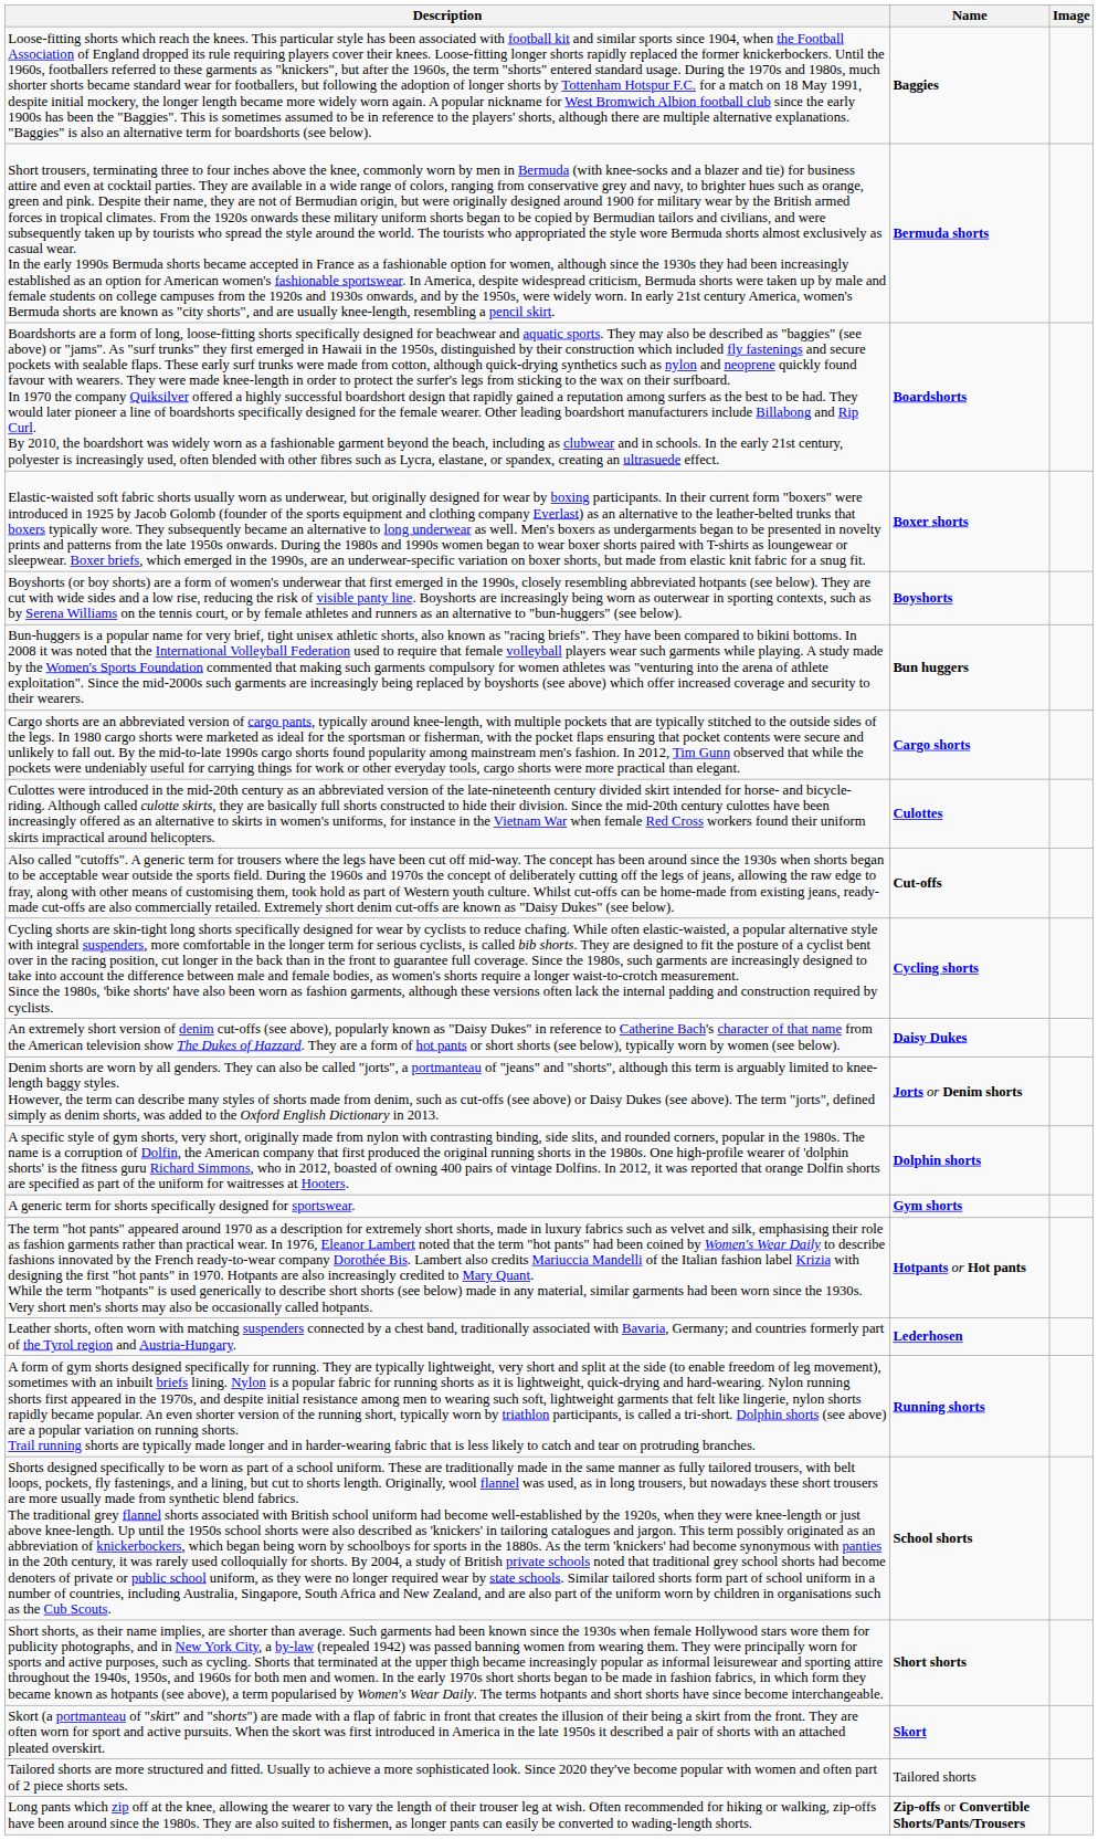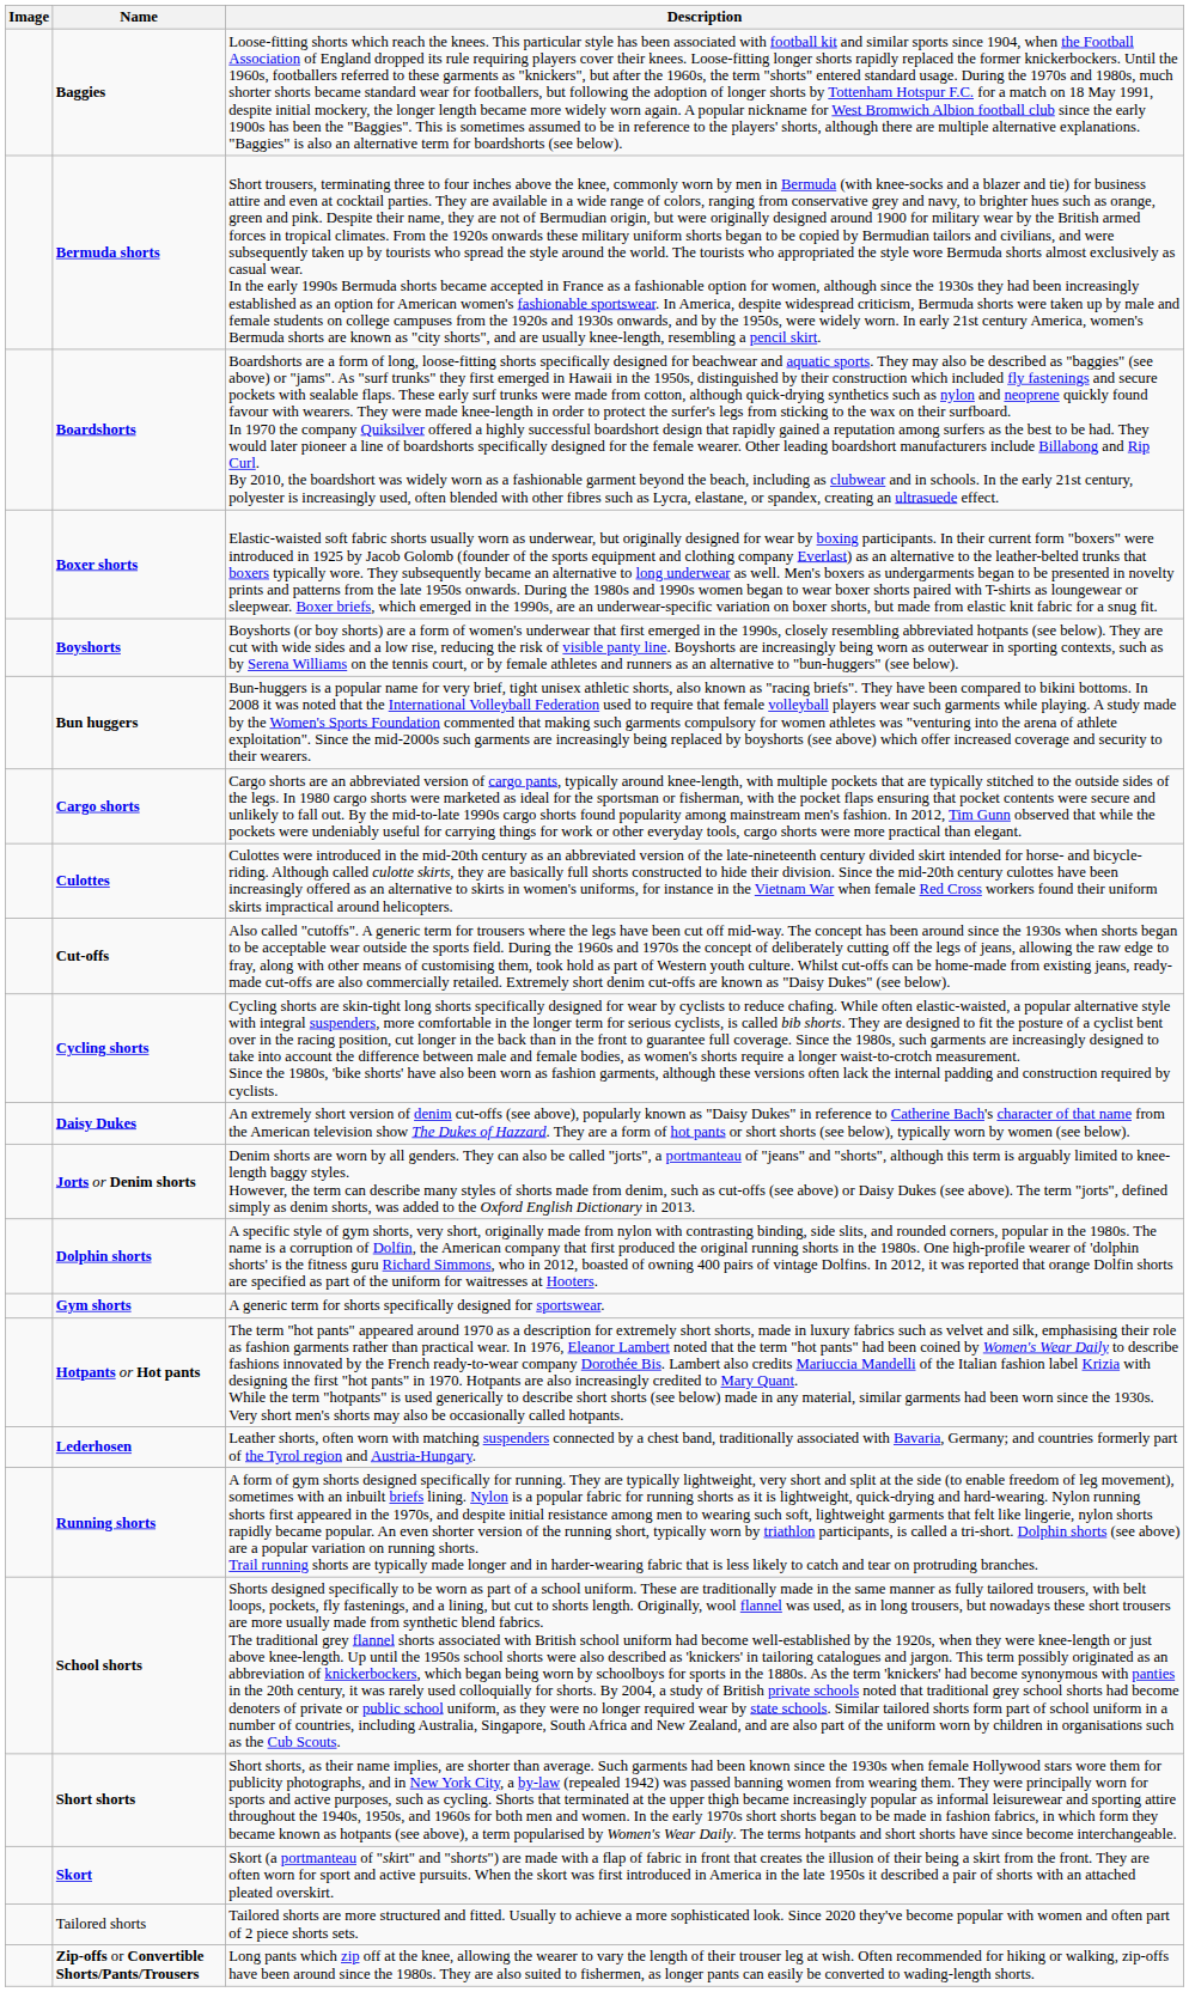 <table class="wikitable">
 <tr>
+<th>Image</th>
+<th>Name</th>
 <th>Description</th>
-<th>Name</th>
-<th>Image</th>
 </tr>
 <tr>
+<td></td>
+<td><strong>Baggies</strong></td>
 <td>Loose-fitting shorts which reach the knees. This particular style has been associated with <a href='#'>football kit</a> and similar sports since 1904, when <a href='#'>the Football Association</a> of England dropped its rule requiring players cover their knees. Loose-fitting longer shorts rapidly replaced the former knickerbockers. Until the 1960s, footballers referred to these garments as "knickers", but after the 1960s, the term "shorts" entered standard usage. During the 1970s and 1980s, much shorter shorts became standard wear for footballers, but following the adoption of longer shorts by <a href='#'>Tottenham Hotspur F.C.</a> for a match on 18 May 1991, despite initial mockery, the longer length became more widely worn again. A popular nickname for <a href='#'>West Bromwich Albion football club</a> since the early 1900s has been the "Baggies". This is sometimes assumed to be in reference to the players' shorts, although there are multiple alternative explanations.<br>"Baggies" is also an alternative term for boardshorts (see below).</td>
-<td><strong>Baggies</strong></td>
-<td></td>
 </tr>
 <tr>
+<td></td>
+<td><strong><a href='#'>Bermuda shorts</a></strong></td>
 <td><br> Short trousers, terminating three to four inches above the knee, commonly worn by men in <a href='#'>Bermuda</a> (with knee-socks and a blazer and tie) for business attire and even at cocktail parties. They are available in a wide range of colors, ranging from conservative grey and navy, to brighter hues such as orange, green and pink. Despite their name, they are not of Bermudian origin, but were originally designed around 1900 for military wear by the British armed forces in tropical climates. From the 1920s onwards these military uniform shorts began to be copied by Bermudian tailors and civilians, and were subsequently taken up by tourists who spread the style around the world. The tourists who appropriated the style wore Bermuda shorts almost exclusively as casual wear.<br>In the early 1990s Bermuda shorts became accepted in France as a fashionable option for women, although since the 1930s they had been increasingly established as an option for American women's <a href='#'>fashionable sportswear</a>. In America, despite widespread criticism, Bermuda shorts were taken up by male and female students on college campuses from the 1920s and 1930s onwards, and by the 1950s, were widely worn. In early 21st century America, women's Bermuda shorts are known as "city shorts", and are usually knee-length, resembling a <a href='#'>pencil skirt</a>.</td>
-<td><strong><a href='#'>Bermuda shorts</a></strong></td>
-<td></td>
 </tr>
 <tr>
+<td></td>
+<td><strong><a href='#'>Boardshorts</a></strong></td>
 <td>Boardshorts are a form of long, loose-fitting shorts specifically designed for beachwear and <a href='#'>aquatic sports</a>. They may also be described as "baggies" (see above) or "jams". As "surf trunks" they first emerged in Hawaii in the 1950s, distinguished by their construction which included <a href='#'>fly fastenings</a> and secure pockets with sealable flaps. These early surf trunks were made from cotton, although quick-drying synthetics such as <a href='#'>nylon</a> and <a href='#'>neoprene</a> quickly found favour with wearers. They were made knee-length in order to protect the surfer's legs from sticking to the wax on their surfboard.<br>In 1970 the company <a href='#'>Quiksilver</a> offered a highly successful boardshort design that rapidly gained a reputation among surfers as the best to be had. They would later pioneer a line of boardshorts specifically designed for the female wearer. Other leading boardshort manufacturers include <a href='#'>Billabong</a> and <a href='#'>Rip Curl</a>.<br>By 2010, the boardshort was widely worn as a fashionable garment beyond the beach, including as <a href='#'>clubwear</a> and in schools. In the early 21st century, polyester is increasingly used, often blended with other fibres such as Lycra, elastane, or spandex, creating an <a href='#'>ultrasuede</a> effect.</td>
-<td><strong><a href='#'>Boardshorts</a></strong></td>
-<td></td>
 </tr>
 <tr>
+<td></td>
+<td><strong><a href='#'>Boxer shorts</a> </strong></td>
 <td><br>Elastic-waisted soft fabric shorts usually worn as underwear, but originally designed for wear by <a href='#'>boxing</a> participants. In their current form "boxers" were introduced in 1925 by Jacob Golomb (founder of the sports equipment and clothing company <a href='#'>Everlast</a>) as an alternative to the leather-belted trunks that <a href='#'>boxers</a> typically wore. They subsequently became an alternative to <a href='#'>long underwear</a> as well. Men's boxers as undergarments began to be presented in novelty prints and patterns from the late 1950s onwards. During the 1980s and 1990s women began to wear boxer shorts paired with T-shirts as loungewear or sleepwear. <a href='#'>Boxer briefs</a>, which emerged in the 1990s, are an underwear-specific variation on boxer shorts, but made from elastic knit fabric for a snug fit.</td>
-<td><strong><a href='#'>Boxer shorts</a> </strong></td>
-<td></td>
 </tr>
 <tr>
+<td></td>
+<td><strong><a href='#'>Boyshorts</a> </strong></td>
 <td>Boyshorts (or boy shorts) are a form of women's underwear that first emerged in the 1990s, closely resembling abbreviated hotpants (see below). They are cut with wide sides and a low rise, reducing the risk of <a href='#'>visible panty line</a>. Boyshorts are increasingly being worn as outerwear in sporting contexts, such as by <a href='#'>Serena Williams</a> on the tennis court, or by female athletes and runners as an alternative to "bun-huggers" (see below).</td>
-<td><strong><a href='#'>Boyshorts</a> </strong></td>
-<td></td>
 </tr>
 <tr>
+<td></td>
+<td><strong>Bun huggers </strong></td>
 <td>Bun-huggers is a popular name for very brief, tight unisex athletic shorts, also known as "racing briefs". They have been compared to bikini bottoms. In 2008 it was noted that the <a href='#'>International Volleyball Federation</a> used to require that female <a href='#'>volleyball</a> players wear such garments while playing.  A study made by the <a href='#'>Women's Sports Foundation</a> commented that making such garments compulsory for women athletes was "venturing into the arena of athlete exploitation". Since the mid-2000s such garments are increasingly being replaced by boyshorts (see above) which offer increased coverage and security to their wearers.</td>
-<td><strong>Bun huggers </strong></td>
-<td></td>
 </tr>
 <tr>
+<td></td>
+<td><strong><a href='#'>Cargo shorts</a> </strong></td>
 <td>Cargo shorts are an abbreviated version of <a href='#'>cargo pants</a>, typically around knee-length, with multiple pockets that are typically stitched to the outside sides of the legs. In 1980 cargo shorts were marketed as ideal for the sportsman or fisherman, with the pocket flaps ensuring that pocket contents were secure and unlikely to fall out. By the mid-to-late 1990s cargo shorts found popularity among mainstream men's fashion. In 2012, <a href='#'>Tim Gunn</a> observed that while the pockets were undeniably useful for carrying things for work or other everyday tools, cargo shorts were more practical than elegant.</td>
-<td><strong><a href='#'>Cargo shorts</a> </strong></td>
-<td></td>
 </tr>
 <tr>
+<td></td>
+<td><strong><a href='#'>Culottes</a> </strong></td>
 <td>Culottes were introduced in the mid-20th century as an abbreviated version of the late-nineteenth century divided skirt intended for horse- and bicycle-riding. Although called <em>culotte skirts</em>, they are basically full shorts constructed to hide their division. Since the mid-20th century culottes have been increasingly offered as an alternative to skirts in women's uniforms, for instance in the <a href='#'>Vietnam War</a> when female <a href='#'>Red Cross</a> workers found their uniform skirts impractical around helicopters.</td>
-<td><strong><a href='#'>Culottes</a> </strong></td>
-<td></td>
 </tr>
 <tr>
+<td></td>
+<td><strong>Cut-offs</strong></td>
 <td>Also called "cutoffs". A generic term for trousers where the legs have been cut off mid-way. The concept has been around since the 1930s when shorts began to be acceptable wear outside the sports field. During the 1960s and 1970s the concept of deliberately cutting off the legs of jeans, allowing the raw edge to fray, along with other means of customising them, took hold as part of Western youth culture. Whilst cut-offs can be home-made from existing jeans, ready-made cut-offs are also commercially retailed. Extremely short denim cut-offs are known as "Daisy Dukes" (see below).</td>
-<td><strong>Cut-offs</strong></td>
-<td></td>
 </tr>
 <tr>
+<td></td>
+<td><strong><a href='#'>Cycling shorts</a> </strong></td>
 <td> Cycling shorts are skin-tight long shorts specifically designed for wear by cyclists to reduce chafing. While often elastic-waisted, a popular alternative style with integral <a href='#'>suspenders</a>, more comfortable in the longer term for serious cyclists, is called <em>bib shorts</em>. They are designed to fit the posture of a cyclist bent over in the racing position, cut longer in the back than in the front to guarantee full coverage. Since the 1980s, such garments are increasingly designed to take into account the difference between male and female bodies, as women's shorts require a longer waist-to-crotch measurement.<br>Since the 1980s, 'bike shorts' have also been worn as fashion garments, although these versions often lack the internal padding and construction required by cyclists.</td>
-<td><strong><a href='#'>Cycling shorts</a> </strong></td>
-<td></td>
 </tr>
 <tr>
+<td></td>
+<td><strong><a href='#'>Daisy Dukes</a></strong></td>
 <td>An extremely short version of <a href='#'>denim</a> cut-offs (see above), popularly known as "Daisy Dukes" in reference to <a href='#'>Catherine Bach</a>'s <a href='#'>character of that name</a> from the American television show <em><a href='#'>The Dukes of Hazzard</a></em>. They are a form of <a href='#'>hot pants</a> or short shorts (see below), typically worn by women (see below).</td>
-<td><strong><a href='#'>Daisy Dukes</a></strong></td>
-<td></td>
 </tr>
 <tr>
+<td></td>
+<td><strong><a href='#'>Jorts</a></strong> <em>or</em> <strong>Denim shorts </strong></td>
 <td>Denim shorts are worn by all genders. They can also be called "jorts", a <a href='#'>portmanteau</a> of "jeans" and "shorts", although this term is arguably limited to knee-length baggy styles.<br>However, the term can describe many styles of shorts made from denim, such as cut-offs (see above) or Daisy Dukes (see above). The term "jorts", defined simply as denim shorts, was added to the <em>Oxford English Dictionary</em> in 2013.</td>
-<td><strong><a href='#'>Jorts</a></strong> <em>or</em> <strong>Denim shorts </strong></td>
-<td></td>
 </tr>
 <tr>
+<td></td>
+<td><strong><a href='#'>Dolphin shorts</a></strong></td>
 <td>A specific style of gym shorts, very short, originally made from nylon with contrasting binding, side slits, and rounded corners, popular in the 1980s. The name is a corruption of <a href='#'>Dolfin</a>, the American company that first produced the original running shorts in the 1980s. One high-profile wearer of 'dolphin shorts' is the fitness guru <a href='#'>Richard Simmons</a>, who in 2012, boasted of owning 400 pairs of vintage Dolfins. In 2012, it was reported that orange Dolfin shorts are specified as part of the uniform for waitresses at <a href='#'>Hooters</a>.</td>
-<td><strong><a href='#'>Dolphin shorts</a></strong></td>
-<td></td>
 </tr>
 <tr>
+<td></td>
+<td><strong><a href='#'>Gym shorts</a></strong></td>
 <td>A generic term for shorts specifically designed for <a href='#'>sportswear</a>.</td>
-<td><strong><a href='#'>Gym shorts</a></strong></td>
-<td></td>
 </tr>
 <tr>
+<td></td>
+<td><strong><a href='#'>Hotpants</a></strong> <em>or</em> <strong>Hot pants</strong></td>
 <td>The term "hot pants" appeared around 1970 as a description for extremely short shorts, made in luxury fabrics such as velvet and silk, emphasising their role as fashion garments rather than practical wear. In 1976, <a href='#'>Eleanor Lambert</a> noted that the term "hot pants" had been coined by <em><a href='#'>Women's Wear Daily</a></em> to describe fashions innovated by the French ready-to-wear company <a href='#'>Dorothée Bis</a>. Lambert also credits <a href='#'>Mariuccia Mandelli</a> of the Italian fashion label <a href='#'>Krizia</a> with designing the first "hot pants" in 1970. Hotpants are also increasingly credited to <a href='#'>Mary Quant</a>.<br>While the term "hotpants" is used generically to describe short shorts (see below) made in any material, similar garments had been worn since the 1930s. Very short men's shorts may also be occasionally called hotpants.</td>
-<td><strong><a href='#'>Hotpants</a></strong> <em>or</em> <strong>Hot pants</strong></td>
-<td></td>
 </tr>
 <tr>
+<td></td>
+<td><strong><a href='#'>Lederhosen</a></strong></td>
 <td>Leather shorts, often worn with matching <a href='#'>suspenders</a> connected by a chest band, traditionally associated with <a href='#'>Bavaria</a>, Germany; and countries formerly part of <a href='#'>the Tyrol region</a> and <a href='#'>Austria-Hungary</a>.</td>
-<td><strong><a href='#'>Lederhosen</a></strong></td>
-<td></td>
 </tr>
 <tr>
+<td></td>
+<td><strong><a href='#'>Running shorts</a></strong></td>
 <td> A form of gym shorts designed specifically for running. They are typically lightweight, very short and split at the side (to enable freedom of leg movement), sometimes with an inbuilt <a href='#'>briefs</a> lining. <a href='#'>Nylon</a> is a popular fabric for running shorts as it is lightweight, quick-drying and hard-wearing. Nylon running shorts first appeared in the 1970s, and despite initial resistance among men to wearing such soft, lightweight garments that felt like lingerie, nylon shorts rapidly became popular. An even shorter version of the running short, typically worn by <a href='#'>triathlon</a> participants, is called a tri-short. <a href='#'>Dolphin shorts</a> (see above) are a popular variation on running shorts.<br><a href='#'>Trail running</a> shorts are typically made longer and in harder-wearing fabric that is less likely to catch and tear on protruding branches.</td>
-<td><strong><a href='#'>Running shorts</a></strong></td>
-<td></td>
 </tr>
 <tr>
+<td></td>
+<td><strong>School shorts</strong></td>
 <td>Shorts designed specifically to be worn as part of a school uniform. These are traditionally made in the same manner as fully tailored trousers, with belt loops, pockets, fly fastenings, and a lining, but cut to shorts length. Originally, wool <a href='#'>flannel</a> was used, as in long trousers, but nowadays these short trousers are more usually made from synthetic blend fabrics.<br>The traditional grey <a href='#'>flannel</a> shorts associated with British school uniform had become well-established by the 1920s, when they were knee-length or just above knee-length. Up until the 1950s school shorts were also described as 'knickers' in tailoring catalogues and jargon. This term possibly originated as an abbreviation of <a href='#'>knickerbockers</a>, which began being worn by schoolboys for sports in the 1880s. As the term 'knickers' had become synonymous with <a href='#'>panties</a> in the 20th century, it was rarely used colloquially for shorts. By 2004, a study of British <a href='#'>private schools</a> noted that traditional grey school shorts had become denoters of private or <a href='#'>public school</a> uniform, as they were no longer required wear by <a href='#'>state schools</a>. Similar tailored shorts form part of school uniform in a number of countries, including Australia, Singapore, South Africa and New Zealand, and are also part of the uniform worn by children in organisations such as the <a href='#'>Cub Scouts</a>.</td>
-<td><strong>School shorts</strong></td>
-<td></td>
 </tr>
 <tr>
+<td></td>
+<td><strong>Short shorts</strong></td>
 <td> Short shorts, as their name implies, are shorter than average. Such garments had been known since the 1930s when female Hollywood stars wore them for publicity photographs, and in <a href='#'>New York City</a>, a <a href='#'>by-law</a> (repealed 1942) was passed banning women from wearing them.  They were principally worn for sports and active purposes, such as cycling. Shorts that terminated at the upper thigh became increasingly popular as informal leisurewear and sporting attire throughout the 1940s, 1950s, and 1960s for both men and women. In the early 1970s short shorts began to be made in fashion fabrics, in which form they became known as hotpants (see above), a term popularised by <em>Women's Wear Daily</em>. The terms hotpants and short shorts have since become interchangeable.</td>
-<td><strong>Short shorts</strong></td>
-<td></td>
 </tr>
 <tr>
+<td></td>
+<td><strong><a href='#'>Skort</a></strong></td>
 <td>Skort (a <a href='#'>portmanteau</a> of "<em>sk</em>irt" and "sh<em>orts</em>") are made with a flap of fabric in front that creates the illusion of their being a skirt from the front. They are often worn for sport and active pursuits. When the skort was first introduced in America in the late 1950s it described a pair of shorts with an attached pleated overskirt.</td>
-<td><strong><a href='#'>Skort</a></strong></td>
-<td></td>
 </tr>
 <tr>
+<td></td>
+<td>Tailored shorts</td>
 <td>Tailored shorts are more structured and fitted. Usually to achieve a more sophisticated look. Since 2020 they've become popular with women and often part of 2 piece shorts sets.</td>
-<td>Tailored shorts</td>
-<td></td>
 </tr>
 <tr>
+<td></td>
+<td><strong>Zip-offs</strong> or <strong>Convertible Shorts/Pants/Trousers</strong></td>
 <td>Long pants which <a href='#'>zip</a> off at the knee, allowing the wearer to vary the length of their trouser leg at wish. Often recommended for hiking or walking, zip-offs have been around since the 1980s. They are also suited to fishermen, as longer pants can easily be converted to wading-length shorts.</td>
-<td><strong>Zip-offs</strong> or <strong>Convertible Shorts/Pants/Trousers</strong></td>
-<td></td>
 </tr>
 </table>
